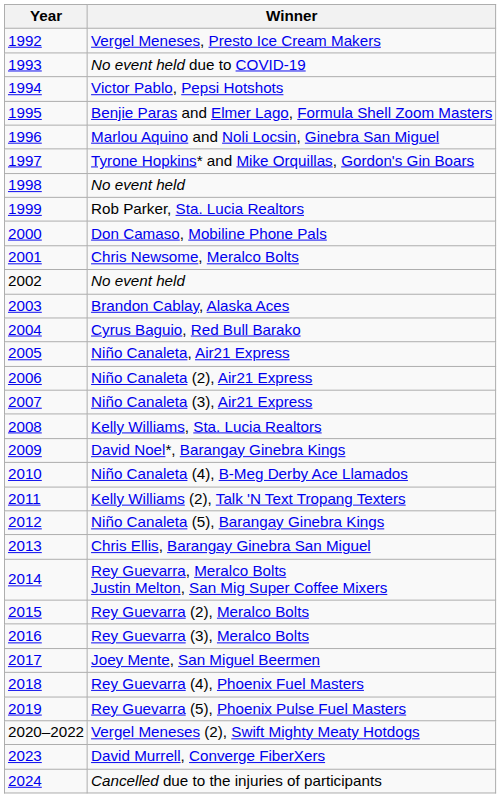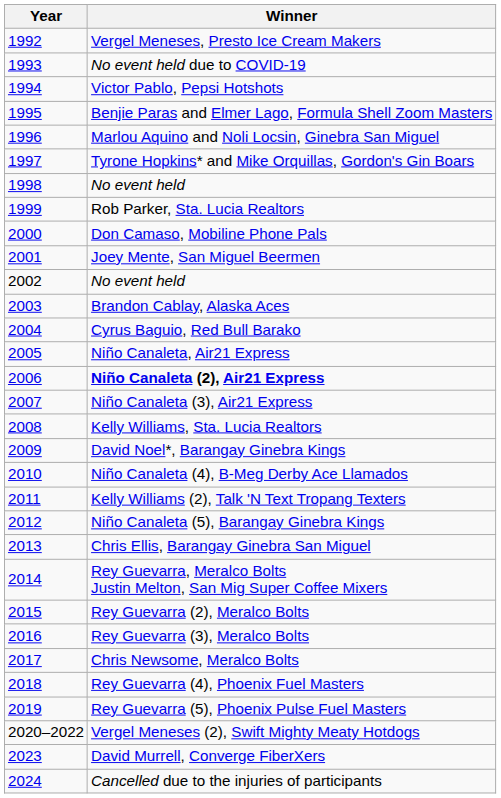 <table class="wikitable sortable">
 <tr>
 <th>Year</th>
 <th>Winner</th>
 </tr>
 <tr>
 <td><a href='#'>1992</a></td>
 <td><a href='#'>Vergel Meneses</a>, <a href='#'>Presto Ice Cream Makers</a></td>
 </tr>
 <tr>
 <td><a href='#'>1993</a></td>
 <td><em>No event held</em> due to <a href='#'>COVID-19</a></td>
 </tr>
 <tr>
 <td><a href='#'>1994</a></td>
 <td><a href='#'>Victor Pablo</a>, <a href='#'>Pepsi Hotshots</a></td>
 </tr>
 <tr>
 <td><a href='#'>1995</a></td>
 <td><a href='#'>Benjie Paras</a> and <a href='#'>Elmer Lago</a>, <a href='#'>Formula Shell Zoom Masters</a></td>
 </tr>
 <tr>
 <td><a href='#'>1996</a></td>
 <td><a href='#'>Marlou Aquino</a> and <a href='#'>Noli Locsin</a>, <a href='#'>Ginebra San Miguel</a></td>
 </tr>
 <tr>
 <td><a href='#'>1997</a></td>
 <td><a href='#'>Tyrone Hopkins</a>* and <a href='#'>Mike Orquillas</a>, <a href='#'>Gordon's Gin Boars</a></td>
 </tr>
 <tr>
 <td><a href='#'>1998</a></td>
 <td><em>No event held</em></td>
 </tr>
 <tr>
 <td><a href='#'>1999</a></td>
 <td>Rob Parker, <a href='#'>Sta. Lucia Realtors</a></td>
 </tr>
 <tr>
 <td><a href='#'>2000</a></td>
 <td><a href='#'>Don Camaso</a>, <a href='#'>Mobiline Phone Pals</a></td>
 </tr>
 <tr>
 <td><a href='#'>2001</a></td>
-<td><a href='#'>Chris Newsome</a>, <a href='#'>Meralco Bolts</a></td>
+<td><a href='#'>Joey Mente</a>, <a href='#'>San Miguel Beermen</a></td>
 </tr>
 <tr>
 <td>2002</td>
 <td><em>No event held</em></td>
 </tr>
 <tr>
 <td><a href='#'>2003</a></td>
 <td><a href='#'>Brandon Cablay</a>, <a href='#'>Alaska Aces</a></td>
 </tr>
 <tr>
 <td><a href='#'>2004</a></td>
 <td><a href='#'>Cyrus Baguio</a>, <a href='#'>Red Bull Barako</a></td>
 </tr>
 <tr>
 <td><a href='#'>2005</a></td>
 <td><a href='#'>Niño Canaleta</a>, <a href='#'>Air21 Express</a></td>
 </tr>
 <tr>
 <td><a href='#'>2006</a></td>
-<td><a href='#'>Niño Canaleta</a> (2), <a href='#'>Air21 Express</a></td>
+<td><strong><a href='#'>Niño Canaleta</a> (2), <a href='#'>Air21 Express</a></strong></td>
 </tr>
 <tr>
 <td><a href='#'>2007</a></td>
 <td><a href='#'>Niño Canaleta</a> (3), <a href='#'>Air21 Express</a></td>
 </tr>
 <tr>
 <td><a href='#'>2008</a></td>
 <td><a href='#'>Kelly Williams</a>, <a href='#'>Sta. Lucia Realtors</a></td>
 </tr>
 <tr>
 <td><a href='#'>2009</a></td>
 <td><a href='#'>David Noel</a>*, <a href='#'>Barangay Ginebra Kings</a></td>
 </tr>
 <tr>
 <td><a href='#'>2010</a></td>
 <td><a href='#'>Niño Canaleta</a> (4), <a href='#'>B-Meg Derby Ace Llamados</a></td>
 </tr>
 <tr>
 <td><a href='#'>2011</a></td>
 <td><a href='#'>Kelly Williams</a> (2), <a href='#'>Talk 'N Text Tropang Texters</a></td>
 </tr>
 <tr>
 <td><a href='#'>2012</a></td>
 <td><a href='#'>Niño Canaleta</a> (5), <a href='#'>Barangay Ginebra Kings</a></td>
 </tr>
 <tr>
 <td><a href='#'>2013</a></td>
 <td><a href='#'>Chris Ellis</a>, <a href='#'>Barangay Ginebra San Miguel</a></td>
 </tr>
 <tr>
 <td><a href='#'>2014</a></td>
 <td><a href='#'>Rey Guevarra</a>, <a href='#'>Meralco Bolts</a><br><a href='#'>Justin Melton</a>, <a href='#'>San Mig Super Coffee Mixers</a><br></td>
 </tr>
 <tr>
 <td><a href='#'>2015</a></td>
 <td><a href='#'>Rey Guevarra</a> (2), <a href='#'>Meralco Bolts</a></td>
 </tr>
 <tr>
 <td><a href='#'>2016</a></td>
 <td><a href='#'>Rey Guevarra</a> (3), <a href='#'>Meralco Bolts</a></td>
 </tr>
 <tr>
 <td><a href='#'>2017</a></td>
-<td><a href='#'>Joey Mente</a>, <a href='#'>San Miguel Beermen</a></td>
+<td><a href='#'>Chris Newsome</a>, <a href='#'>Meralco Bolts</a></td>
 </tr>
 <tr>
 <td><a href='#'>2018</a></td>
 <td><a href='#'>Rey Guevarra</a> (4), <a href='#'>Phoenix Fuel Masters</a></td>
 </tr>
 <tr>
 <td><a href='#'>2019</a></td>
 <td><a href='#'>Rey Guevarra</a> (5), <a href='#'>Phoenix Pulse Fuel Masters</a></td>
 </tr>
 <tr>
 <td>2020–2022</td>
 <td><a href='#'>Vergel Meneses</a> (2), <a href='#'>Swift Mighty Meaty Hotdogs</a></td>
 </tr>
 <tr>
 <td><a href='#'>2023</a></td>
 <td><a href='#'>David Murrell</a>, <a href='#'>Converge FiberXers</a></td>
 </tr>
 <tr>
 <td><a href='#'>2024</a></td>
 <td><em>Cancelled</em> due to the injuries of participants</td>
 </tr>
 </table>
